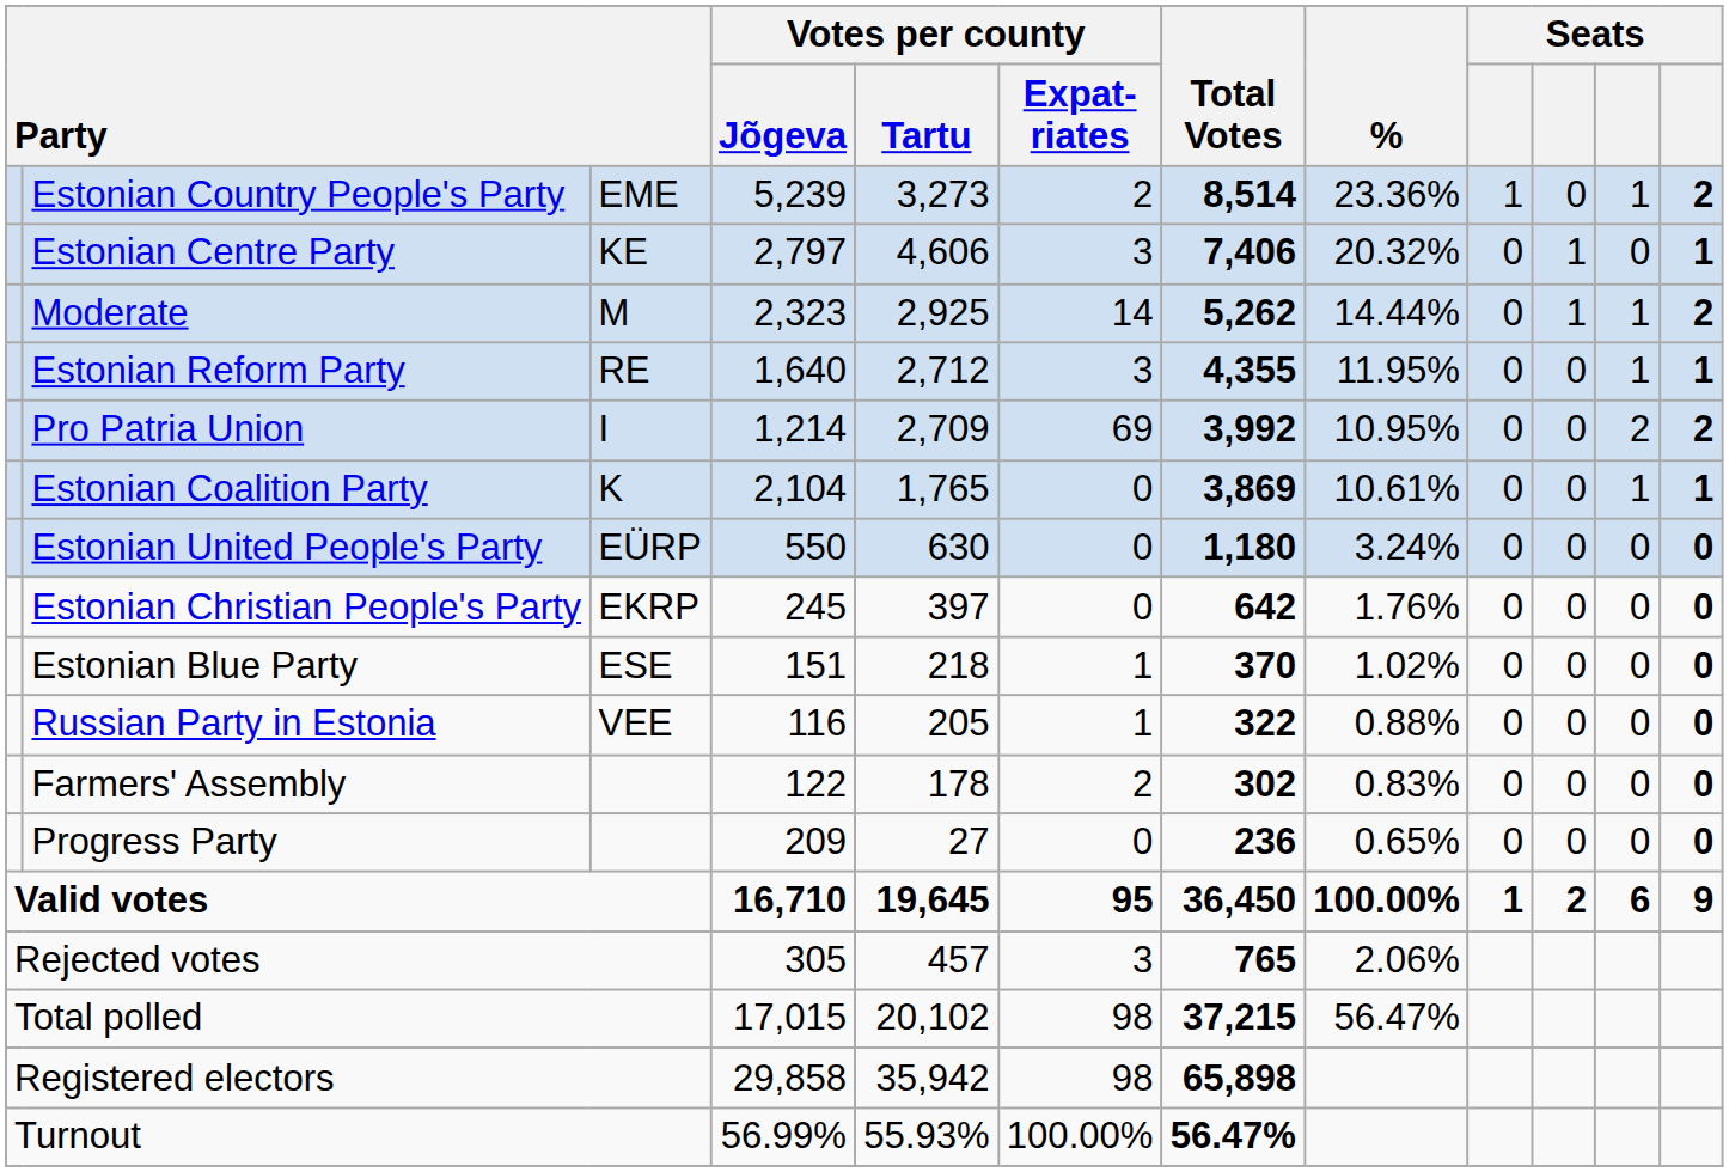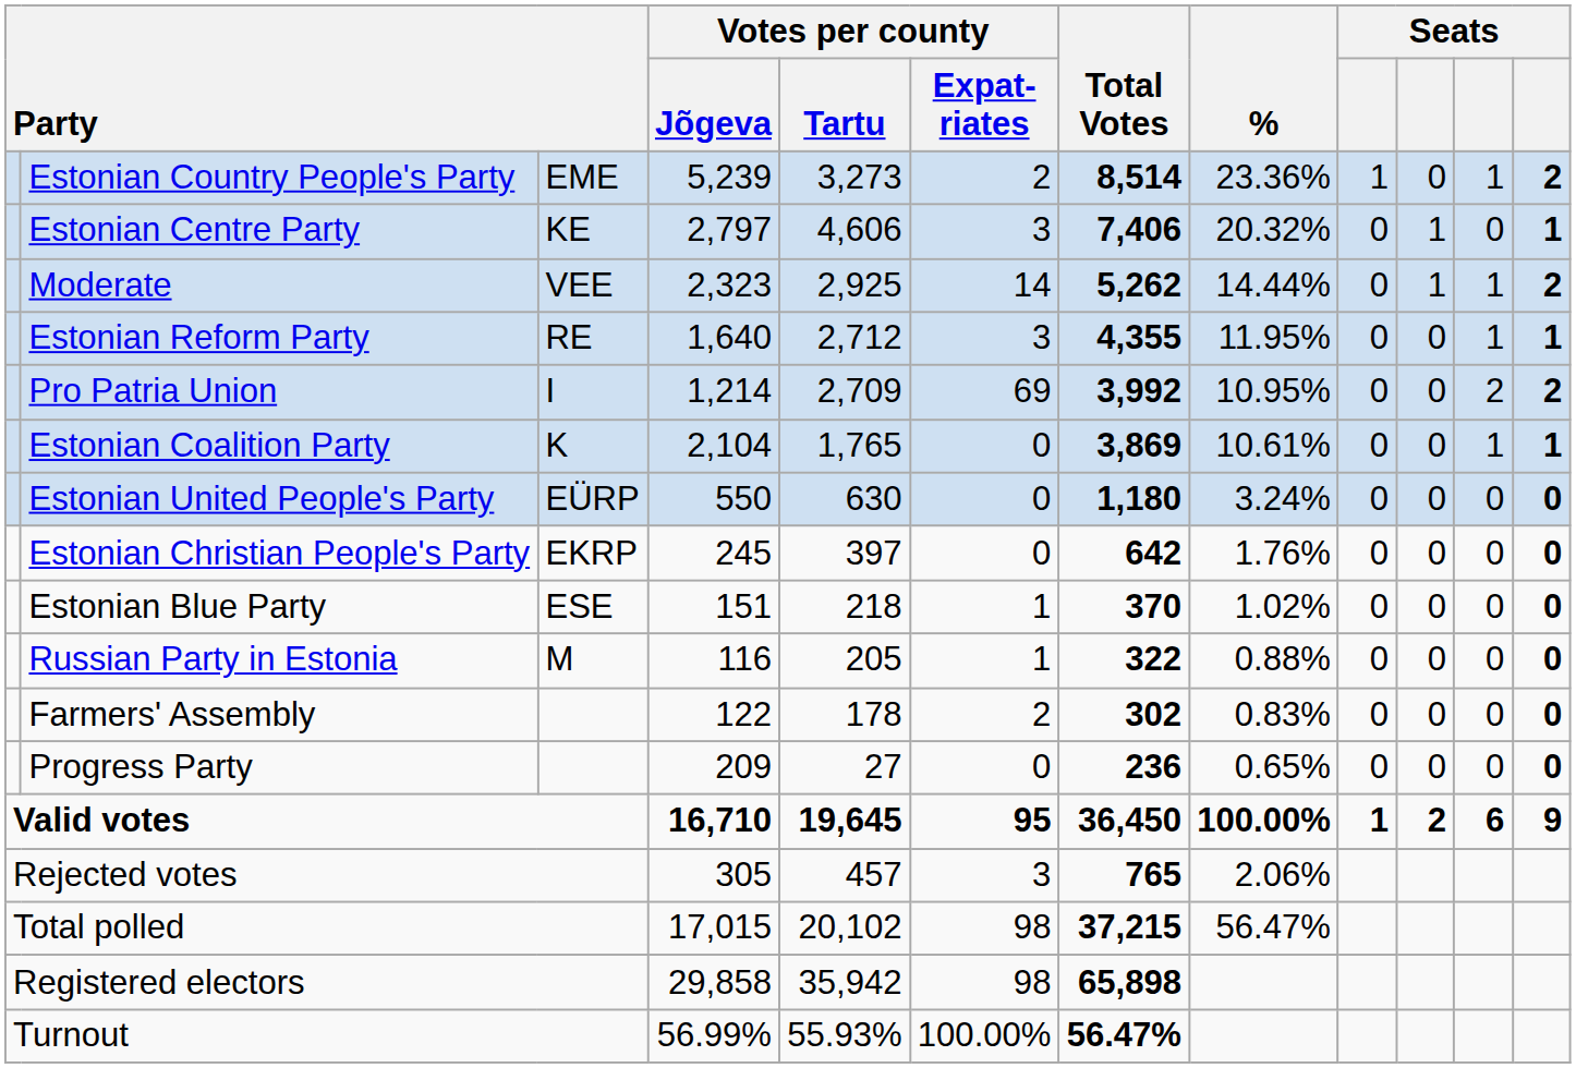 <table class="wikitable" border="1" style="text-align:right;">
 <tr>
 <th style="text-align:left;" valign=bottom rowspan=2 colspan=3>Party</th>
 <th colspan=3>Votes per county</th>
 <th align=center valign=bottom rowspan=2 width="50">Total Votes</th>
 <th align=center valign=bottom rowspan=2 width="50">%</th>
 <th colspan=4>Seats</th>
 </tr>
 <tr>
 <th align=center valign=bottom width="50"><a href='#'>Jõgeva</a></th>
 <th align=center valign=bottom width="50"><a href='#'>Tartu</a></th>
 <th align=center valign=bottom width="50"><a href='#'>Expat- riates</a></th>
 <th align=center valign=bottom width="20"><small></small></th>
 <th align=center valign=bottom width="20"><small></small></th>
 <th align=center valign=bottom width="20"><small></small></th>
 <th align=center valign=bottom width="20"><small></small></th>
 </tr>
 <tr style="background:#CEE0F2;">
 <td style="background:"></td>
 <td align=left><a href='#'>Estonian Country People's Party</a></td>
 <td align=left>EME</td>
 <td>5,239</td>
 <td>3,273</td>
 <td>2</td>
 <td><strong>8,514</strong></td>
 <td>23.36%</td>
 <td>1</td>
 <td>0</td>
 <td>1</td>
 <td><strong>2</strong></td>
 </tr>
 <tr style="background:#CEE0F2;">
 <td style="background:"></td>
 <td align=left><a href='#'>Estonian Centre Party</a></td>
 <td align=left>KE</td>
 <td>2,797</td>
 <td>4,606</td>
 <td>3</td>
 <td><strong>7,406</strong></td>
 <td>20.32%</td>
 <td>0</td>
 <td>1</td>
 <td>0</td>
 <td><strong>1</strong></td>
 </tr>
 <tr style="background:#CEE0F2;">
 <td style="background:"></td>
 <td align=left><a href='#'>Moderate</a></td>
-<td align=left>M</td>
+<td align=left>VEE</td>
 <td>2,323</td>
 <td>2,925</td>
 <td>14</td>
 <td><strong>5,262</strong></td>
 <td>14.44%</td>
 <td>0</td>
 <td>1</td>
 <td>1</td>
 <td><strong>2</strong></td>
 </tr>
 <tr style="background:#CEE0F2;">
 <td style="background:"></td>
 <td align=left><a href='#'>Estonian Reform Party</a></td>
 <td align=left>RE</td>
 <td>1,640</td>
 <td>2,712</td>
 <td>3</td>
 <td><strong>4,355</strong></td>
 <td>11.95%</td>
 <td>0</td>
 <td>0</td>
 <td>1</td>
 <td><strong>1</strong></td>
 </tr>
 <tr style="background:#CEE0F2;">
 <td style="background:"></td>
 <td align=left><a href='#'>Pro Patria Union</a></td>
 <td align=left>I</td>
 <td>1,214</td>
 <td>2,709</td>
 <td>69</td>
 <td><strong>3,992</strong></td>
 <td>10.95%</td>
 <td>0</td>
 <td>0</td>
 <td>2</td>
 <td><strong>2</strong></td>
 </tr>
 <tr style="background:#CEE0F2;">
 <td style="background:"></td>
 <td align=left><a href='#'>Estonian Coalition Party</a></td>
 <td align=left>K</td>
 <td>2,104</td>
 <td>1,765</td>
 <td>0</td>
 <td><strong>3,869</strong></td>
 <td>10.61%</td>
 <td>0</td>
 <td>0</td>
 <td>1</td>
 <td><strong>1</strong></td>
 </tr>
 <tr style="background:#CEE0F2;">
 <td style="background:"></td>
 <td align=left><a href='#'>Estonian United People's Party</a></td>
 <td align=left>EÜRP</td>
 <td>550</td>
 <td>630</td>
 <td>0</td>
 <td><strong>1,180</strong></td>
 <td>3.24%</td>
 <td>0</td>
 <td>0</td>
 <td>0</td>
 <td><strong>0</strong></td>
 </tr>
 <tr>
 <td style="background:"></td>
 <td align=left><a href='#'>Estonian Christian People's Party</a></td>
 <td align=left>EKRP</td>
 <td>245</td>
 <td>397</td>
 <td>0</td>
 <td><strong>642</strong></td>
 <td>1.76%</td>
 <td>0</td>
 <td>0</td>
 <td>0</td>
 <td><strong>0</strong></td>
 </tr>
 <tr>
 <td></td>
 <td align=left>Estonian Blue Party</td>
 <td align=left>ESE</td>
 <td>151</td>
 <td>218</td>
 <td>1</td>
 <td><strong>370</strong></td>
 <td>1.02%</td>
 <td>0</td>
 <td>0</td>
 <td>0</td>
 <td><strong>0</strong></td>
 </tr>
 <tr>
 <td></td>
 <td align=left><a href='#'>Russian Party in Estonia</a></td>
-<td align=left>VEE</td>
+<td align=left>M</td>
 <td>116</td>
 <td>205</td>
 <td>1</td>
 <td><strong>322</strong></td>
 <td>0.88%</td>
 <td>0</td>
 <td>0</td>
 <td>0</td>
 <td><strong>0</strong></td>
 </tr>
 <tr>
 <td></td>
 <td align=left>Farmers' Assembly</td>
 <td></td>
 <td>122</td>
 <td>178</td>
 <td>2</td>
 <td><strong>302</strong></td>
 <td>0.83%</td>
 <td>0</td>
 <td>0</td>
 <td>0</td>
 <td><strong>0</strong></td>
 </tr>
 <tr>
 <td></td>
 <td align=left>Progress Party</td>
 <td></td>
 <td>209</td>
 <td>27</td>
 <td>0</td>
 <td><strong>236</strong></td>
 <td>0.65%</td>
 <td>0</td>
 <td>0</td>
 <td>0</td>
 <td><strong>0</strong></td>
 </tr>
 <tr style="font-weight:bold">
 <td align=left colspan=3>Valid votes</td>
 <td>16,710</td>
 <td>19,645</td>
 <td>95</td>
 <td>36,450</td>
 <td>100.00%</td>
 <td>1</td>
 <td>2</td>
 <td>6</td>
 <td>9</td>
 </tr>
 <tr>
 <td align=left colspan=3>Rejected votes</td>
 <td>305</td>
 <td>457</td>
 <td>3</td>
 <td><strong>765</strong></td>
 <td>2.06%</td>
 <td></td>
 <td></td>
 <td></td>
 <td></td>
 </tr>
 <tr>
 <td align=left colspan=3>Total polled</td>
 <td>17,015</td>
 <td>20,102</td>
 <td>98</td>
 <td><strong>37,215</strong></td>
 <td>56.47%</td>
 <td></td>
 <td></td>
 <td></td>
 <td></td>
 </tr>
 <tr>
 <td align=left colspan=3>Registered electors</td>
 <td>29,858</td>
 <td>35,942</td>
 <td>98</td>
 <td><strong>65,898</strong></td>
 <td></td>
 <td></td>
 <td></td>
 <td></td>
 <td></td>
 </tr>
 <tr>
 <td align=left colspan=3>Turnout</td>
 <td>56.99%</td>
 <td>55.93%</td>
 <td>100.00%</td>
 <td><strong>56.47%</strong></td>
 <td></td>
 <td></td>
 <td></td>
 <td></td>
 <td></td>
 </tr>
 </table>
